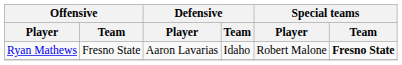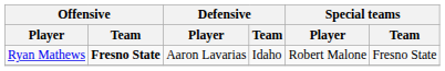 <table class="wikitable" border="1">
 <tr>
 <th colspan="2">Offensive</th>
 <th colspan="2">Defensive</th>
 <th colspan="2">Special teams</th>
 </tr>
 <tr>
 <th>Player</th>
 <th>Team</th>
 <th>Player</th>
 <th>Team</th>
 <th>Player</th>
 <th>Team</th>
 </tr>
 <tr>
 <td><a href='#'>Ryan Mathews</a></td>
-<td>Fresno State</td>
+<td><strong>Fresno State</strong></td>
 <td>Aaron Lavarias</td>
 <td>Idaho</td>
 <td>Robert Malone</td>
-<td><strong>Fresno State</strong></td>
+<td>Fresno State</td>
 </tr>
 <tr>
 </tr>
 </table>
